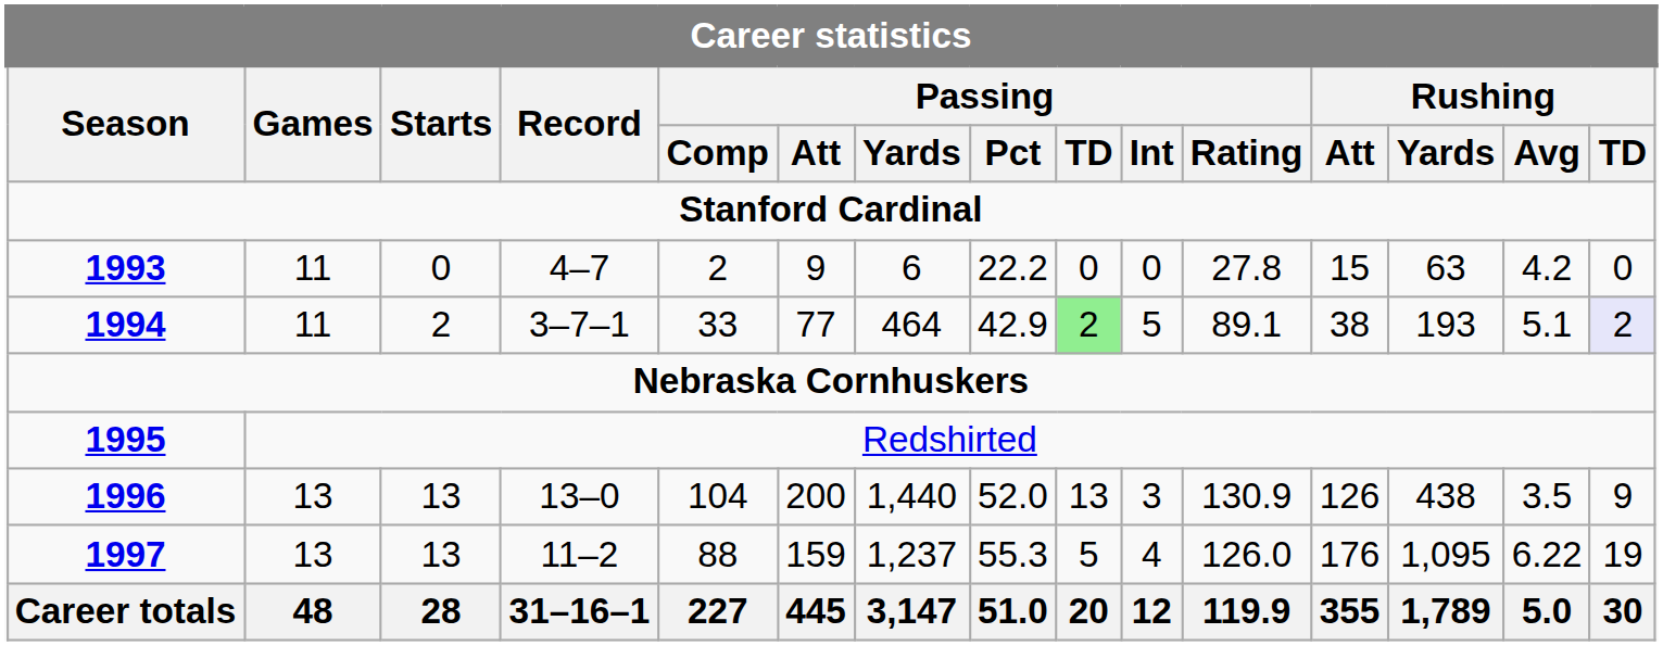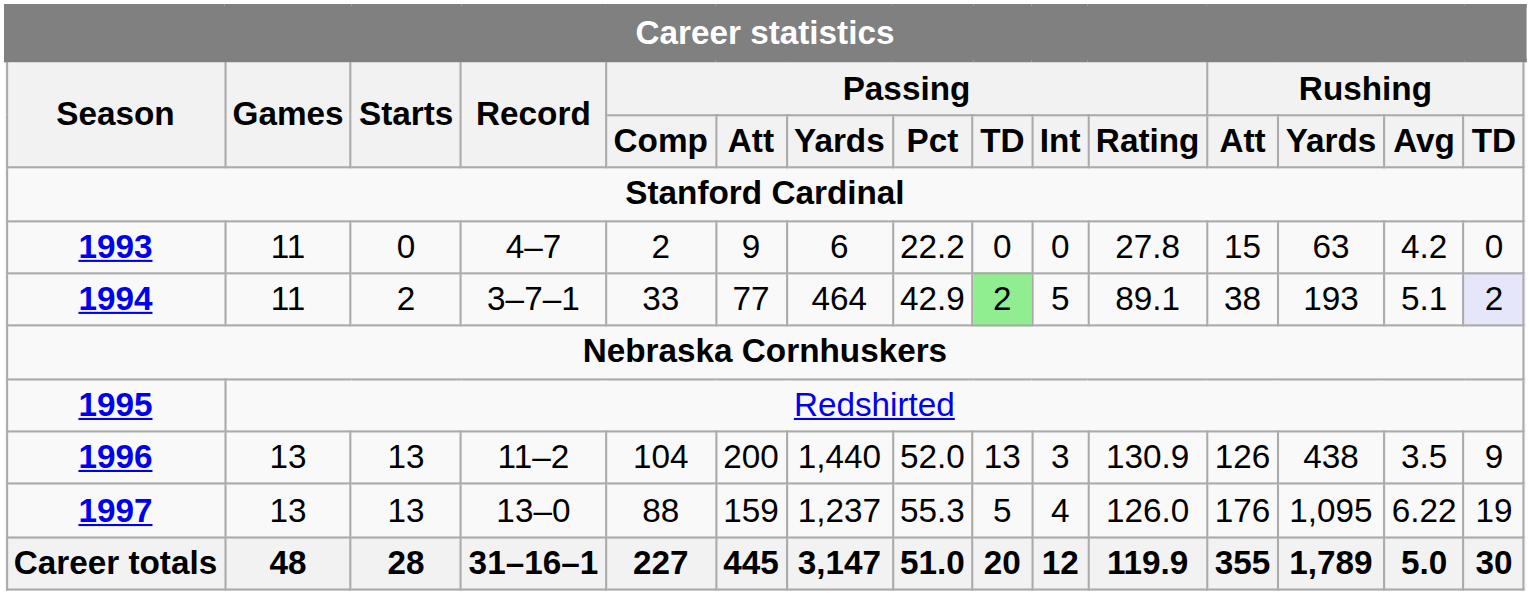 <table class=wikitable style="text-align:center;">
 <tr>
 <td ! colspan="15" style="background:gray; border:2px solid gray; color:white"><strong>Career statistics</strong></td>
 </tr>
 <tr>
 <th rowspan=2>Season</th>
 <th rowspan=2>Games</th>
 <th rowspan=2>Starts</th>
 <th rowspan=2>Record</th>
 <th colspan=7>Passing</th>
 <th colspan=4>Rushing</th>
 </tr>
 <tr>
 <th>Comp</th>
 <th>Att</th>
 <th>Yards</th>
 <th>Pct</th>
 <th>TD</th>
 <th>Int</th>
 <th>Rating</th>
 <th>Att</th>
 <th>Yards</th>
 <th>Avg</th>
 <th>TD</th>
 </tr>
 <tr>
 <td ! colspan="15"><strong>Stanford Cardinal</strong></td>
 </tr>
 <tr>
 <td><strong><a href='#'>1993</a></strong></td>
 <td>11</td>
 <td>0</td>
 <td>4–7</td>
 <td>2</td>
 <td>9</td>
 <td>6</td>
 <td>22.2</td>
 <td>0</td>
 <td>0</td>
 <td>27.8</td>
 <td>15</td>
 <td>63</td>
 <td>4.2</td>
 <td>0</td>
 </tr>
 <tr>
 <td><strong><a href='#'>1994</a></strong></td>
 <td>11</td>
 <td>2</td>
 <td>3–7–1</td>
 <td>33</td>
 <td>77</td>
 <td>464</td>
 <td>42.9</td>
 <td style="background: lightgreen;">2</td>
 <td>5</td>
 <td>89.1</td>
 <td>38</td>
 <td>193</td>
 <td>5.1</td>
 <td style="background: lavender;">2</td>
 </tr>
 <tr>
 <td ! colspan="15"><strong>Nebraska Cornhuskers</strong></td>
 </tr>
 <tr>
 <td><strong><a href='#'>1995</a></strong></td>
 <td colspan="14" style="text-align:center;"> <a href='#'>Redshirted</a></td>
 </tr>
 <tr>
 <td><strong><a href='#'>1996</a></strong></td>
 <td>13</td>
 <td>13</td>
-<td>13–0</td>
+<td>11–2</td>
 <td>104</td>
 <td>200</td>
 <td>1,440</td>
 <td>52.0</td>
 <td>13</td>
 <td>3</td>
 <td>130.9</td>
 <td>126</td>
 <td>438</td>
 <td>3.5</td>
 <td>9</td>
 </tr>
 <tr>
 <td><strong><a href='#'>1997</a></strong></td>
 <td>13</td>
 <td>13</td>
-<td>11–2</td>
+<td>13–0</td>
 <td>88</td>
 <td>159</td>
 <td>1,237</td>
 <td>55.3</td>
 <td>5</td>
 <td>4</td>
 <td>126.0</td>
 <td>176</td>
 <td>1,095</td>
 <td>6.22</td>
 <td>19</td>
 </tr>
 <tr>
 <th>Career totals</th>
 <th>48</th>
 <th>28</th>
 <th>31–16–1</th>
 <th>227</th>
 <th>445</th>
 <th>3,147</th>
 <th>51.0</th>
 <th>20</th>
 <th>12</th>
 <th>119.9</th>
 <th>355</th>
 <th>1,789</th>
 <th>5.0</th>
 <th>30</th>
 </tr>
 </table>
